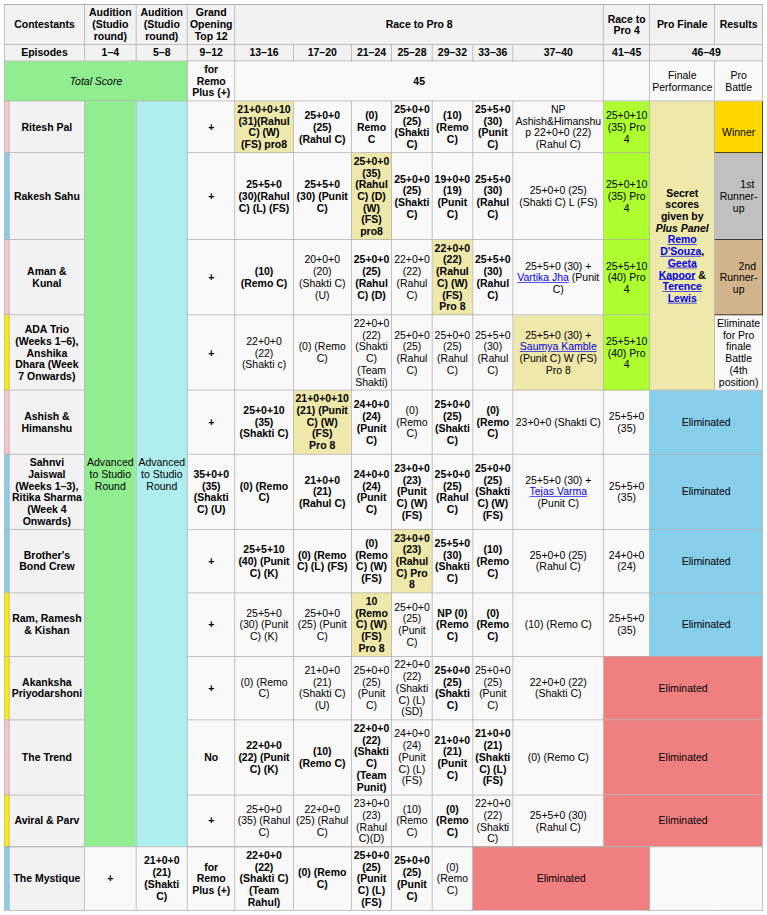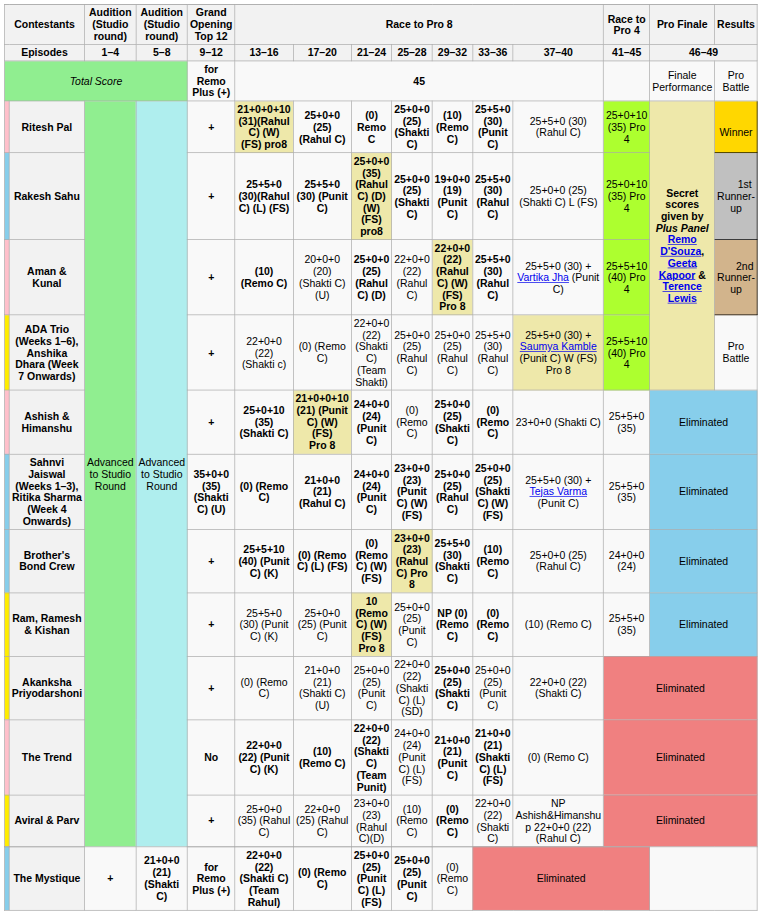 <table class="wikitable"  style="text-align:center; font-size:95%; width:55%;">
 <tr>
 </tr>
 <tr>
 <th colspan="2">Contestants</th>
 <th colspan="1" rowspan="1" style="text-align:center;">Audition (Studio round)</th>
 <th colspan="1" rowspan="1" style="text-align:center;">Audition (Studio round)</th>
 <th style="text-align:center;">Grand Opening Top 12</th>
 <th colspan="7" style="text-align:center;">Race to Pro 8</th>
 <th style="text-align:center;">Race to Pro 4</th>
 <th style="text-align:center;">Pro Finale</th>
 <th>Results</th>
 </tr>
 <tr>
 <th style="width:10%;" colspan="2">Episodes</th>
 <th style="width:10%;">1–4</th>
 <th style="width:10%;">5–8</th>
 <th style="width:10%;">9–12</th>
 <th style="width:10%;">13–16</th>
 <th style="width:10%;">17–20</th>
 <th style="width:10%;">21–24</th>
 <th style="width:10%;">25–28</th>
 <th style="width:10%;">29–32</th>
 <th style="width:10%;">33–36</th>
 <th style="width:10%;">37–40</th>
 <th style="width:10%;">41–45</th>
 <th colspan="2" style="width:10%;">46–49</th>
 </tr>
 <tr>
 <td colspan="4" style="background:#90EE90"><em>Total Score</em></td>
 <td><strong>for Remo Plus (+)</strong></td>
 <td colspan=7><strong>45</strong></td>
 <td></td>
 <td>Finale Performance</td>
 <td>Pro Battle</td>
 </tr>
 <tr>
 <th style="background:pink;"></th>
 <th>Ritesh Pal</th>
 <td rowspan=12 style="background:#90EE90;">Advanced to Studio Round</td>
 <td rowspan=12 style="background:#AFEEEE;">Advanced to Studio Round</td>
 <td><strong>+</strong></td>
 <td style="background:#EEE8AA"><strong>21+0+0+10 (31)(Rahul C) (W) (FS) pro8</strong></td>
 <td><strong>25+0+0 (25) (Rahul C)</strong></td>
 <td><strong>(0) Remo C</strong></td>
 <td><strong>25+0+0 (25) (Shakti C)</strong></td>
 <td><strong>(10) (Remo C)</strong></td>
 <td><strong>25+5+0 (30) (Punit C)</strong></td>
-<td>NP Ashish&Himanshu p 22+0+0 (22) (Rahul C)</td>
+<td>25+5+0 (30) (Rahul C)</td>
 <td style="background:#ADFF2F;">25+0+10 (35) Pro 4</td>
 <td rowspan="4" style="background:#EEE8AA"><strong>Secret scores given by <em>Plus Panel</em> <a href='#'>Remo D'Souza</a>, <a href='#'>Geeta Kapoor</a> & <a href='#'>Terence Lewis</a></strong></td>
 <td style="background:gold; border:1px solid black">      Winner</td>
 </tr>
 <tr>
 <th style="background:#87ceeb;"></th>
 <th>Rakesh Sahu</th>
 <td><strong>+</strong></td>
 <td><strong>25+5+0 (30)(Rahul C) (L) (FS)</strong></td>
 <td><strong>25+5+0 (30) (Punit C)</strong></td>
 <td style="background:#EEE8AA;"><strong>25+0+0 (35) (Rahul C) (D) (W) (FS) pro8</strong></td>
 <td><strong>25+0+0 (25) (Shakti C)</strong></td>
 <td><strong>19+0+0 (19) (Punit C)</strong></td>
 <td><strong>25+5+0 (30) (Rahul C)</strong></td>
 <td>25+0+0 (25) (Shakti C) L (FS)</td>
 <td style="background:#ADFF2F;">25+0+10 (35) Pro 4</td>
 <td style="background:silver; border:1px solid black">      1st Runner-up</td>
 </tr>
 <tr>
 <th style="background:pink;"></th>
 <th>Aman & Kunal</th>
 <td><strong>+</strong></td>
 <td><strong>(10) (Remo C)</strong></td>
 <td>20+0+0 (20) (Shakti C) (U)</td>
 <td><strong>25+0+0 (25) (Rahul C) (D)</strong></td>
 <td>22+0+0 (22) (Rahul C)</td>
 <td style="background:#EEE8AA"><strong>22+0+0 (22) (Rahul C) (W) (FS) Pro 8</strong></td>
 <td><strong>25+5+0 (30) (Rahul C)</strong></td>
 <td>25+5+0 (30) + <a href='#'>Vartika Jha</a> (Punit C)</td>
 <td style="background:#ADFF2F;">25+5+10 (40) Pro 4</td>
 <td style="background:tan; border:1px solid black">      2nd Runner-up</td>
 </tr>
 <tr>
 <th style="background:#ffed00;"></th>
 <th>ADA Trio (Weeks 1–6), Anshika Dhara (Week 7 Onwards)</th>
 <td><strong>+</strong></td>
 <td>22+0+0 (22) (Shakti c)</td>
 <td>(0) (Remo C)</td>
 <td>22+0+0 (22) (Shakti C) (Team Shakti)</td>
 <td>25+0+0 (25) (Rahul C)</td>
 <td>25+0+0 (25) (Rahul C)</td>
 <td>25+5+0 (30) (Rahul C)</td>
 <td style="background:#EEE8AA">25+5+0 (30) + <a href='#'>Saumya Kamble</a> (Punit C) W (FS) Pro 8</td>
 <td style="background:#ADFF2F;">25+5+10 (40) Pro 4</td>
-<td>Eliminate for Pro finale Battle (4th position)</td>
+<td>Pro Battle</td>
 </tr>
 <tr>
 <th style="background:pink;"></th>
 <th>Ashish & Himanshu</th>
 <td><strong>+</strong></td>
 <td><strong>25+0+10 (35) (Shakti C)</strong></td>
 <td style="background:#EEE8AA"><strong>21+0+0+10 (21) (Punit C) (W) (FS)</strong><br><strong>Pro 8</strong></td>
 <td><strong>24+0+0 (24) (Punit C)</strong></td>
 <td>(0) (Remo C)</td>
 <td><strong>25+0+0 (25) (Shakti C)</strong></td>
 <td><strong>(0) (Remo C)</strong></td>
 <td>23+0+0 (Shakti C)</td>
 <td>25+5+0 (35)</td>
 <td colspan="2" style="background:skyblue;">Eliminated</td>
 </tr>
 <tr>
 <th style="background:#87ceeb;"></th>
 <th>Sahnvi Jaiswal (Weeks 1–3), Ritika Sharma (Week 4 Onwards)</th>
 <td><strong>35+0+0 (35) (Shakti C) (U)</strong></td>
 <td><strong>(0) (Remo C)</strong></td>
 <td><strong>21+0+0 (21) (Rahul C)</strong></td>
 <td><strong>24+0+0 (24) (Punit C)</strong></td>
 <td><strong>23+0+0 (23) (Punit C) (W) (FS)</strong></td>
 <td><strong>25+0+0 (25) (Rahul C)</strong></td>
 <td><strong>25+0+0 (25) (Shakti C) (W) (FS)</strong></td>
 <td>25+5+0 (30) + <a href='#'>Tejas Varma</a> (Punit C)</td>
 <td>25+5+0 (35)</td>
 <td colspan="2" style="background:skyblue;">Eliminated</td>
 </tr>
 <tr>
 <th style="background:#87ceeb;"></th>
 <th>Brother's Bond Crew</th>
 <td><strong>+</strong></td>
 <td><strong>25+5+10 (40) (Punit C) (K)</strong></td>
 <td><strong>(0) (Remo C) (L) (FS)</strong></td>
 <td><strong>(0) (Remo C) (W) (FS)</strong></td>
 <td style="background:#EEE8AA"><strong>23+0+0 (23) (Rahul C) Pro 8</strong></td>
 <td><strong>25+5+0 (30) (Shakti C)</strong></td>
 <td><strong>(10) (Remo C)</strong></td>
 <td>25+0+0 (25) (Rahul C)</td>
 <td>24+0+0 (24)</td>
 <td colspan="2" style="background:skyblue;">Eliminated</td>
 </tr>
 <tr>
 <th style="background:#ffed00;"></th>
 <th>Ram, Ramesh & Kishan</th>
 <td><strong>+</strong></td>
 <td>25+5+0 (30) (Punit C) (K)</td>
 <td>25+0+0 (25) (Punit C)</td>
 <td style="background:#EEE8AA"><strong> 10 (Remo C) (W) (FS) Pro 8</strong></td>
 <td>25+0+0 (25) (Punit C)</td>
 <td><strong>NP (0) (Remo C)</strong></td>
 <td><strong>(0) (Remo C)</strong></td>
 <td>(10) (Remo C)</td>
 <td>25+5+0 (35)</td>
 <td colspan="2" style="background:skyblue;">Eliminated</td>
 </tr>
 <tr>
 <th style="background:#ffed00;"></th>
 <th>Akanksha Priyodarshoni</th>
 <td><strong>+</strong></td>
 <td>(0) (Remo C)</td>
 <td>21+0+0 (21) (Shakti C) (U)</td>
 <td>25+0+0 (25) (Punit C)</td>
 <td>22+0+0 (22) (Shakti C) (L) (SD)</td>
 <td><strong>25+0+0 (25) (Shakti C)</strong></td>
 <td>25+0+0 (25) (Punit C)</td>
 <td>22+0+0 (22) (Shakti C)</td>
 <td colspan="3" style="background:#F08080">Eliminated</td>
 </tr>
 <tr>
 <th style="background:pink;"></th>
 <th>The Trend</th>
 <td><strong>No</strong></td>
 <td><strong>22+0+0 (22) (Punit C) (K)</strong></td>
 <td><strong>(10) (Remo C)</strong></td>
 <td><strong>22+0+0 (22) (Shakti C) (Team Punit)</strong></td>
 <td>24+0+0 (24) (Punit C) (L) (FS)</td>
 <td><strong>21+0+0 (21) (Punit C)</strong></td>
 <td><strong>21+0+0 (21) (Shakti C) (L) (FS)</strong></td>
 <td>(0) (Remo C)</td>
 <td colspan="3" style="background:#F08080">Eliminated</td>
 </tr>
 <tr>
 <th style="background:#ffed00;"></th>
 <th>Aviral & Parv</th>
 <td><strong>+</strong></td>
 <td>25+0+0 (35) (Rahul C)</td>
 <td>22+0+0 (25) (Rahul C)</td>
 <td>23+0+0 (23) (Rahul C)(D)</td>
 <td>(10) (Remo C)</td>
 <td><strong>(0) (Remo C)</strong></td>
 <td>22+0+0 (22) (Shakti C)</td>
-<td>25+5+0 (30) (Rahul C)</td>
+<td>NP Ashish&Himanshu p 22+0+0 (22) (Rahul C)</td>
 <td colspan="3" style="background:#F08080">Eliminated</td>
 </tr>
 <tr>
 </tr>
 <tr>
 <th style="background:#87ceeb;"></th>
 <th>The Mystique</th>
 <td><strong>+</strong></td>
 <td><strong>21+0+0 (21) (Shakti C)</strong></td>
 <td><strong>for Remo Plus (+)</strong></td>
 <td><strong>22+0+0 (22) (Shakti C) (Team Rahul)</strong></td>
 <td><strong>(0) (Remo C)</strong></td>
 <td><strong>25+0+0 (25) (Punit C) (L) (FS)</strong></td>
 <td><strong>25+0+0 (25) (Punit C)</strong></td>
 <td>(0) (Remo C)</td>
 <td colspan="3" style="background:#F08080">Eliminated</td>
 </tr>
 </table>
